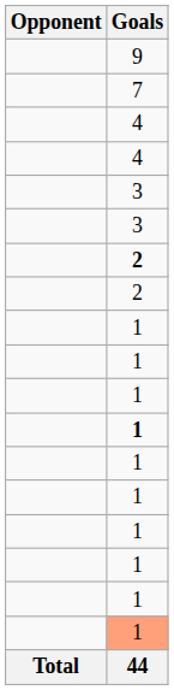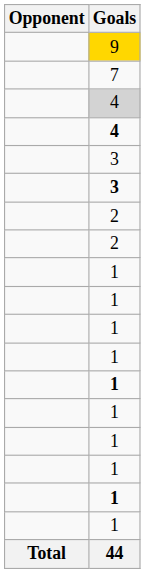 <table class="wikitable sortable">
 <tr>
 <th scope="col">Opponent</th>
 <th scope="col">Goals</th>
 </tr>
 <tr>
 <td></td>
-<td align="center">9</td>
+<td align="center" style="background: gold;">9</td>
 </tr>
 <tr>
 <td></td>
 <td align="center">7</td>
 </tr>
 <tr>
 <td></td>
-<td align="center">4</td>
+<td align="center" style="background: lightgrey;">4</td>
 </tr>
 <tr>
 <td></td>
-<td align="center">4</td>
+<td align="center"><strong>4</strong></td>
 </tr>
 <tr>
 <td></td>
 <td align="center">3</td>
 </tr>
 <tr>
 <td></td>
-<td align="center">3</td>
-</tr>
-<tr>
-<td></td>
-<td align="center"><strong>2</strong></td>
+<td align="center"><strong>3</strong></td>
 </tr>
 <tr>
 <td></td>
 <td align="center">2</td>
+</tr>
+<tr>
+<td></td>
+<td align="center">2</td>
+</tr>
+<tr>
+<td></td>
+<td align="center">1</td>
 </tr>
 <tr>
 <td></td>
 <td align="center">1</td>
 </tr>
 <tr>
 <td></td>
 <td align="center">1</td>
 </tr>
 <tr>
 <td></td>
 <td align="center">1</td>
 </tr>
 <tr>
 <td></td>
 <td align="center"><strong>1</strong></td>
 </tr>
 <tr>
 <td></td>
 <td align="center">1</td>
 </tr>
 <tr>
 <td></td>
 <td align="center">1</td>
 </tr>
 <tr>
 <td></td>
 <td align="center">1</td>
 </tr>
 <tr>
 <td></td>
-<td align="center">1</td>
+<td align="center"><strong>1</strong></td>
 </tr>
 <tr>
 <td></td>
 <td align="center">1</td>
 </tr>
 <tr>
-<td></td>
-<td align="center" style="background: lightsalmon;">1</td>
-</tr>
-<tr>
 <th scope="row">Total</th>
 <th>44</th>
 </tr>
 </table>
